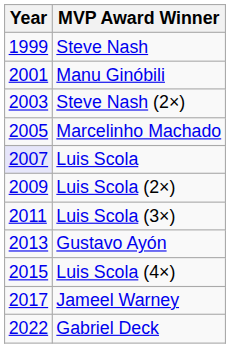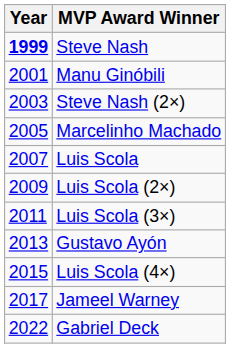 <table class=wikitable>
 <tr>
 <th>Year</th>
 <th>MVP Award Winner</th>
 </tr>
 <tr>
-<td><a href='#'>1999</a></td>
+<td><strong><a href='#'>1999</a></strong></td>
 <td> <a href='#'>Steve Nash</a></td>
 </tr>
 <tr>
 <td><a href='#'>2001</a></td>
 <td> <a href='#'>Manu Ginóbili</a></td>
 </tr>
 <tr>
 <td><a href='#'>2003</a></td>
 <td> <a href='#'>Steve Nash</a> (2×)</td>
 </tr>
 <tr>
 <td><a href='#'>2005</a></td>
 <td> <a href='#'>Marcelinho Machado</a></td>
 </tr>
 <tr>
-<td style="background: lavender;"><a href='#'>2007</a></td>
+<td><a href='#'>2007</a></td>
 <td> <a href='#'>Luis Scola</a></td>
 </tr>
 <tr>
 <td><a href='#'>2009</a></td>
 <td> <a href='#'>Luis Scola</a> (2×)</td>
 </tr>
 <tr>
 <td><a href='#'>2011</a></td>
 <td> <a href='#'>Luis Scola</a> (3×)</td>
 </tr>
 <tr>
 <td><a href='#'>2013</a></td>
 <td> <a href='#'>Gustavo Ayón</a></td>
 </tr>
 <tr>
 <td><a href='#'>2015</a></td>
 <td> <a href='#'>Luis Scola</a> (4×)</td>
 </tr>
 <tr>
 <td><a href='#'>2017</a></td>
 <td> <a href='#'>Jameel Warney</a></td>
 </tr>
 <tr>
 <td><a href='#'>2022</a></td>
 <td> <a href='#'>Gabriel Deck</a></td>
 </tr>
 </table>
